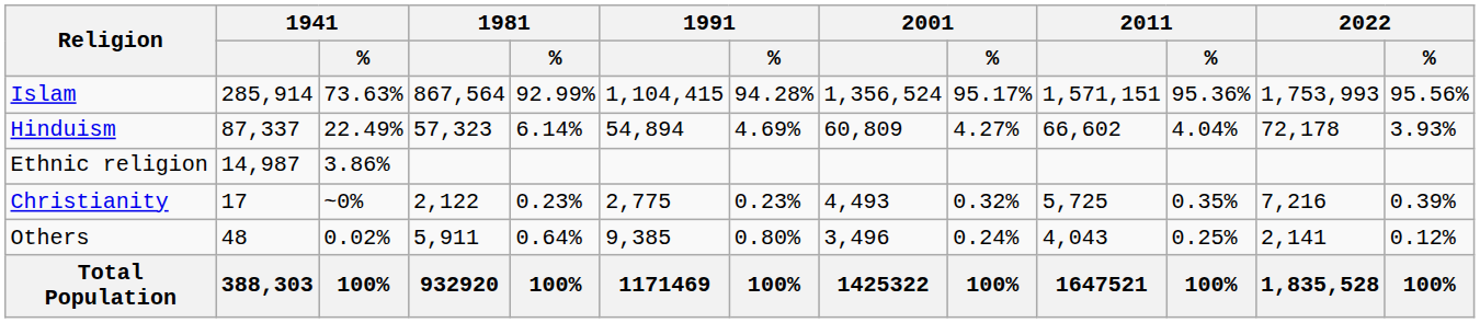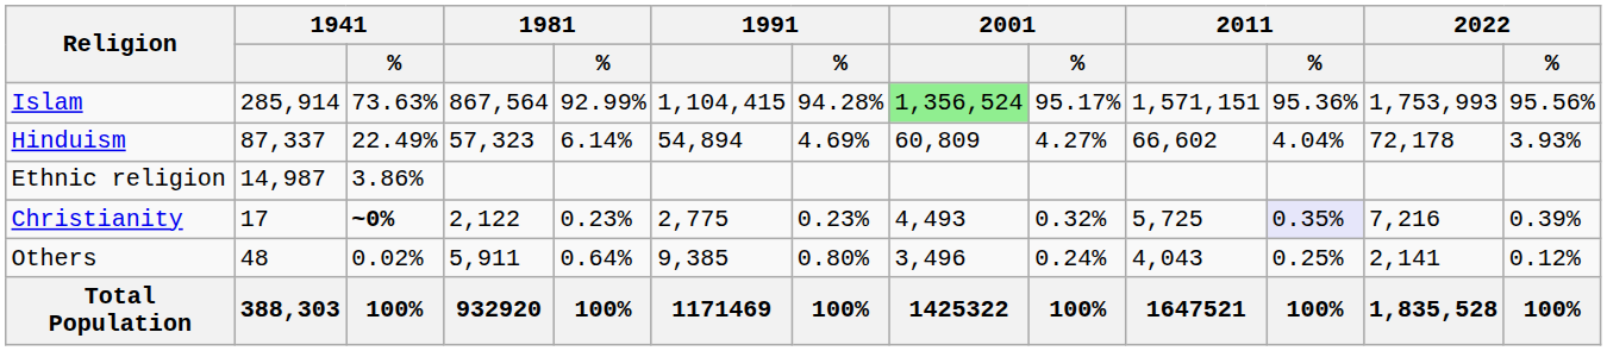 <table class="wikitable sortable">
 <tr>
 <th rowspan="2">Religion</th>
 <th colspan="2">1941</th>
 <th colspan="2">1981</th>
 <th colspan="2">1991</th>
 <th colspan="2">2001</th>
 <th colspan="2">2011</th>
 <th colspan="2">2022</th>
 </tr>
 <tr>
 <th></th>
 <th>%</th>
 <th></th>
 <th>%</th>
 <th></th>
 <th>%</th>
 <th></th>
 <th>%</th>
 <th></th>
 <th>%</th>
 <th></th>
 <th>%</th>
 </tr>
 <tr>
 <td><a href='#'>Islam</a> </td>
 <td>285,914</td>
 <td>73.63%</td>
 <td>867,564</td>
 <td>92.99%</td>
 <td>1,104,415</td>
 <td>94.28%</td>
-<td>1,356,524</td>
+<td style="background: lightgreen;">1,356,524</td>
 <td>95.17%</td>
 <td>1,571,151</td>
 <td>95.36%</td>
 <td>1,753,993</td>
 <td>95.56%</td>
 </tr>
 <tr>
 <td><a href='#'>Hinduism</a> </td>
 <td>87,337</td>
 <td>22.49%</td>
 <td>57,323</td>
 <td>6.14%</td>
 <td>54,894</td>
 <td>4.69%</td>
 <td>60,809</td>
 <td>4.27%</td>
 <td>66,602</td>
 <td>4.04%</td>
 <td>72,178</td>
 <td>3.93%</td>
 </tr>
 <tr>
 <td>Ethnic religion</td>
 <td>14,987</td>
 <td>3.86%</td>
 <td></td>
 <td></td>
 <td></td>
 <td></td>
 <td></td>
 <td></td>
 <td></td>
 <td></td>
 <td></td>
 <td></td>
 </tr>
 <tr>
 <td><a href='#'>Christianity</a> </td>
 <td>17</td>
-<td>~0%</td>
+<td><strong>~0%</strong></td>
 <td>2,122</td>
 <td>0.23%</td>
 <td>2,775</td>
 <td>0.23%</td>
 <td>4,493</td>
 <td>0.32%</td>
 <td>5,725</td>
-<td>0.35%</td>
+<td style="background: lavender;">0.35%</td>
 <td>7,216</td>
 <td>0.39%</td>
 </tr>
 <tr>
 <td>Others </td>
 <td>48</td>
 <td>0.02%</td>
 <td>5,911</td>
 <td>0.64%</td>
 <td>9,385</td>
 <td>0.80%</td>
 <td>3,496</td>
 <td>0.24%</td>
 <td>4,043</td>
 <td>0.25%</td>
 <td>2,141</td>
 <td>0.12%</td>
 </tr>
 <tr>
 <th>Total Population</th>
 <th>388,303</th>
 <th>100%</th>
 <th>932920</th>
 <th>100%</th>
 <th>1171469</th>
 <th>100%</th>
 <th>1425322</th>
 <th>100%</th>
 <th>1647521</th>
 <th>100%</th>
 <th>1,835,528</th>
 <th>100%</th>
 </tr>
 </table>
